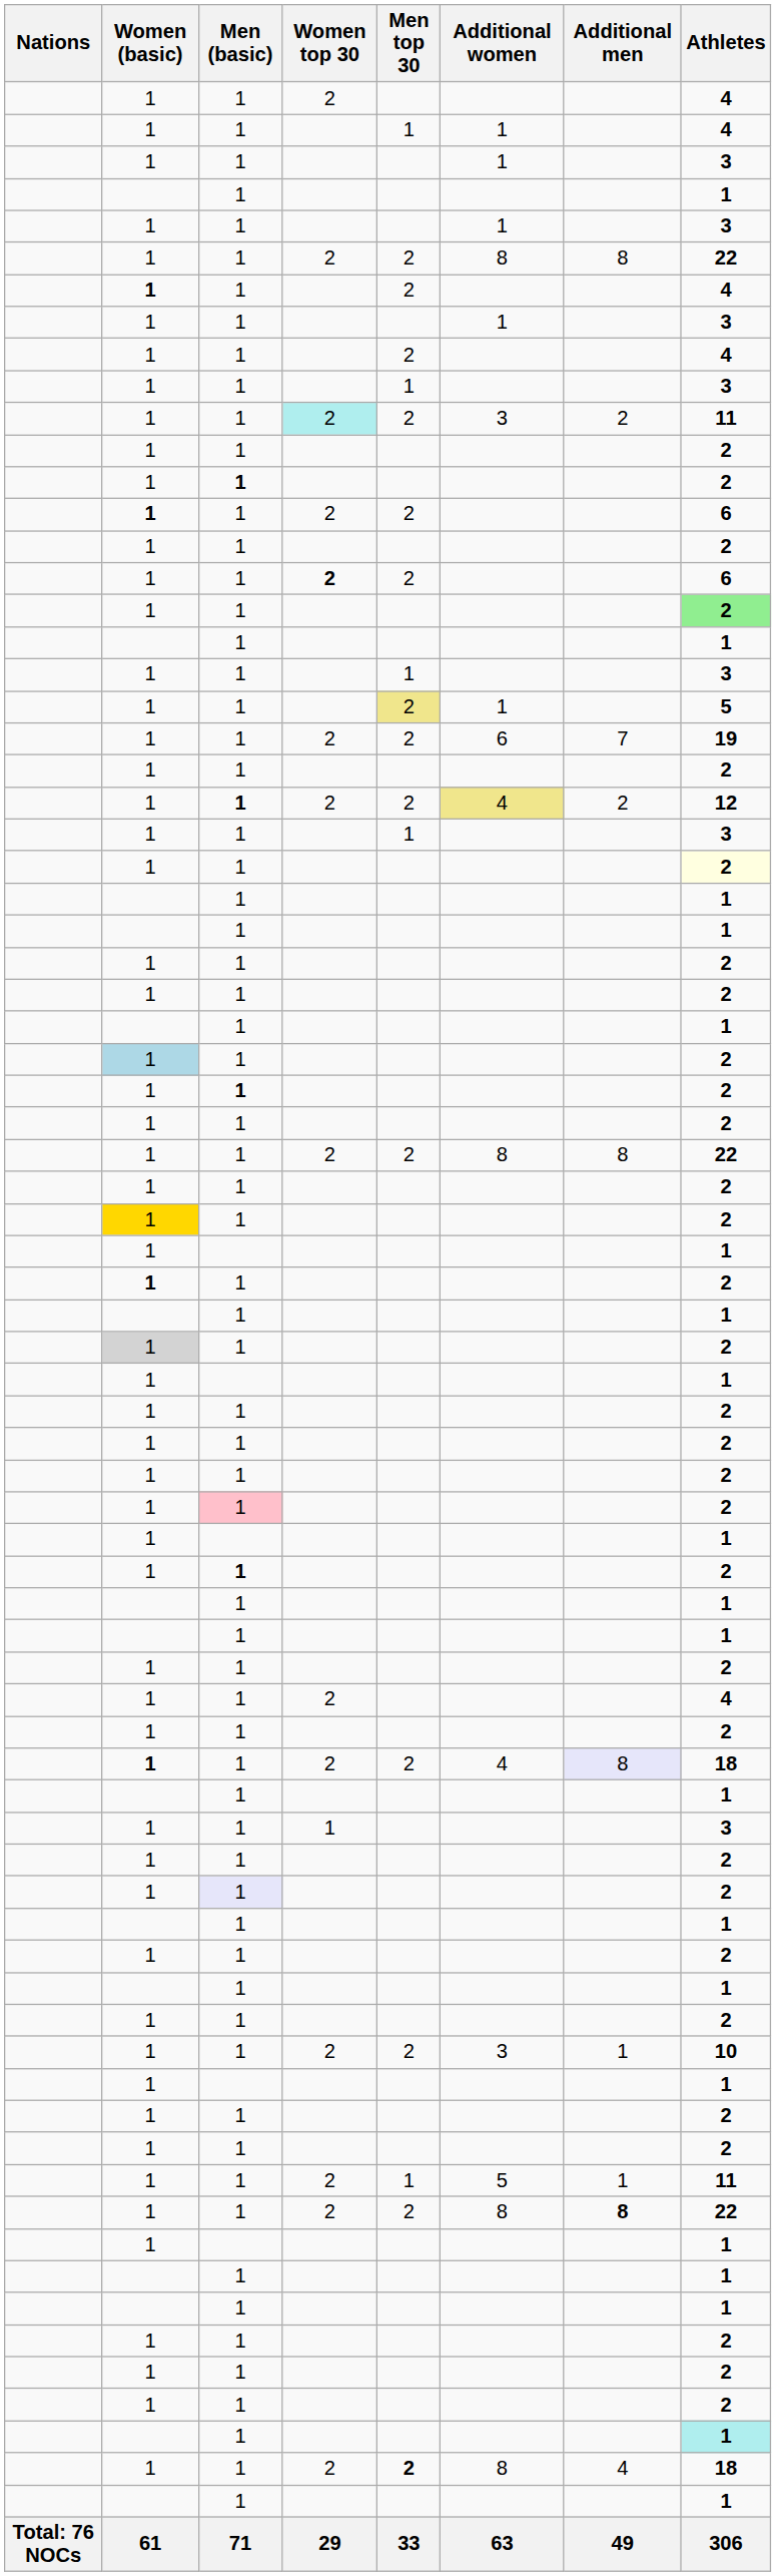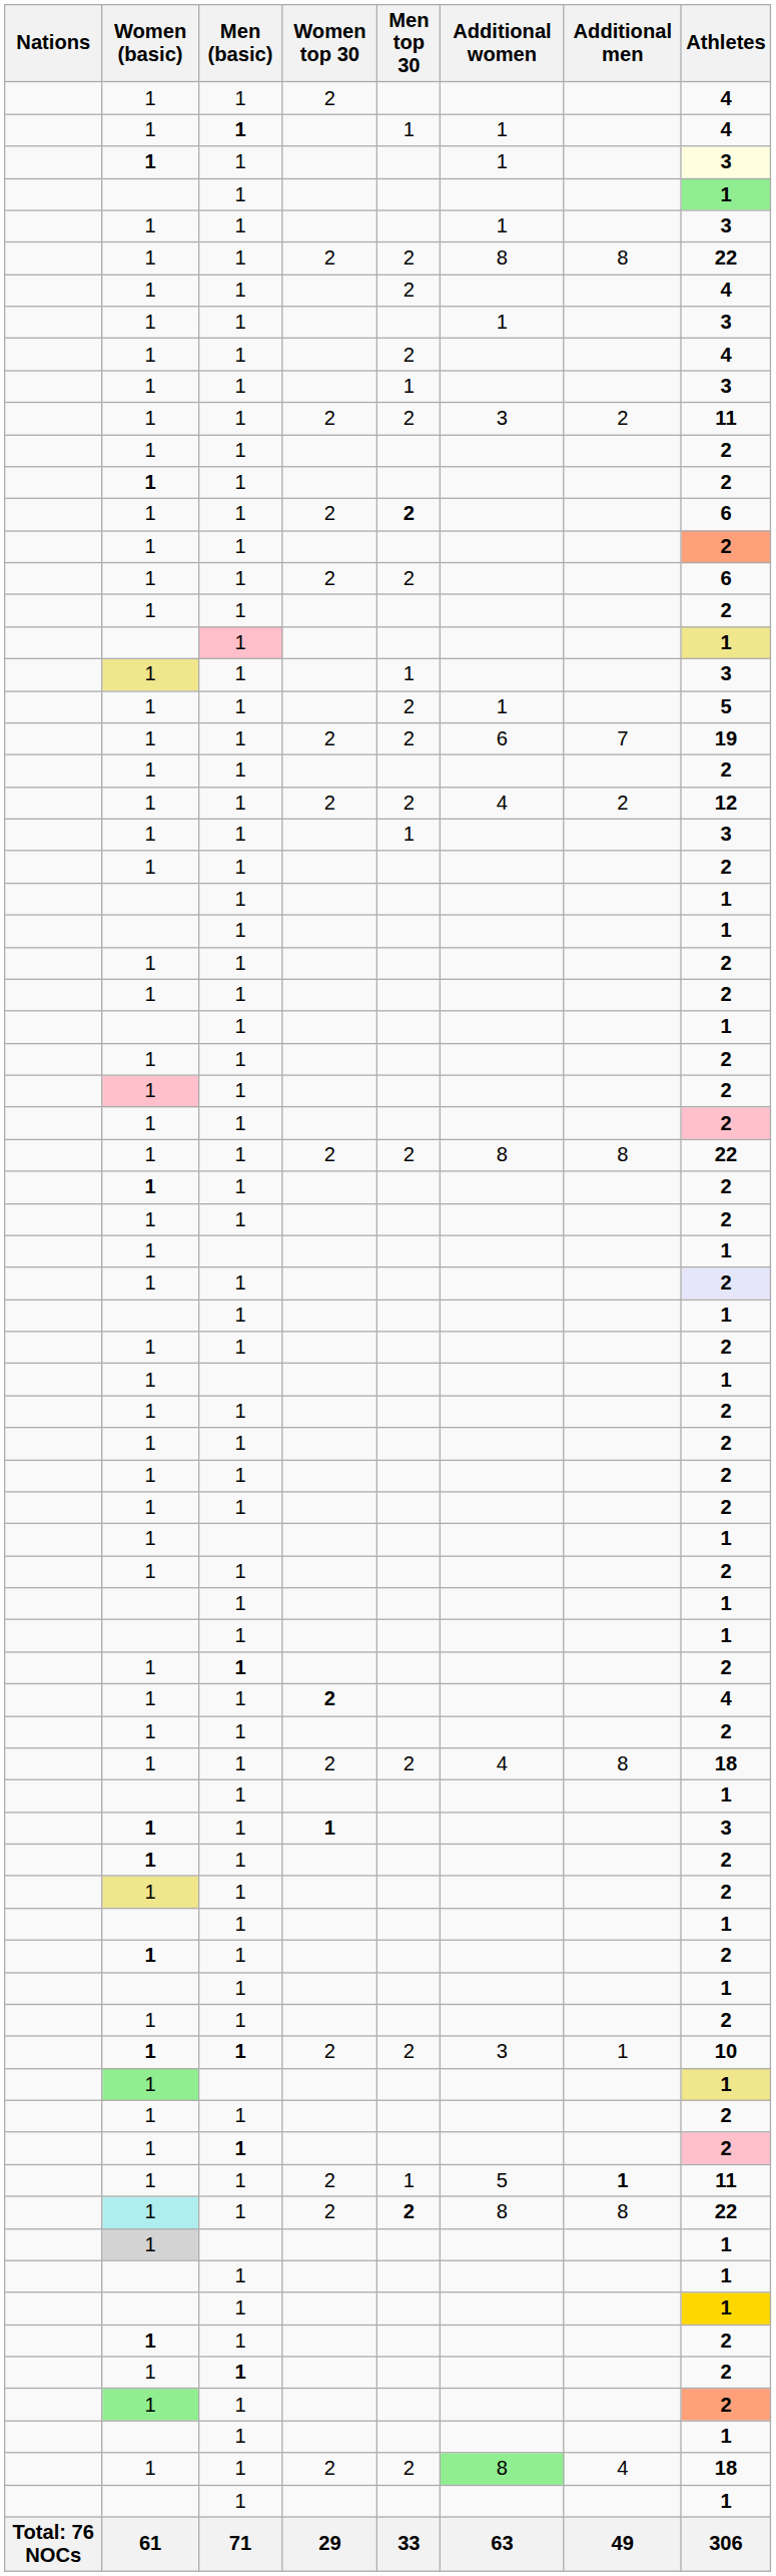 <table class="wikitable sortable" style="text-align:center;">
 <tr>
 <th>Nations</th>
 <th>Women (basic)</th>
 <th>Men (basic)</th>
 <th>Women top 30</th>
 <th>Men top 30</th>
 <th>Additional women</th>
 <th>Additional men</th>
 <th>Athletes</th>
 </tr>
 <tr>
 <td style="text-align:left"></td>
 <td>1</td>
 <td>1</td>
 <td>2</td>
 <td></td>
 <td></td>
 <td></td>
 <td><strong>4</strong></td>
 </tr>
 <tr>
 <td style="text-align:left"></td>
 <td>1</td>
-<td>1</td>
+<td><strong>1</strong></td>
 <td></td>
 <td>1</td>
 <td>1</td>
 <td></td>
 <td><strong>4</strong></td>
 </tr>
 <tr>
 <td style="text-align:left"></td>
-<td>1</td>
+<td><strong>1</strong></td>
 <td>1</td>
 <td></td>
 <td></td>
 <td>1</td>
 <td></td>
-<td><strong>3</strong></td>
+<td style="background: lightyellow;"><strong>3</strong></td>
 </tr>
 <tr>
 <td style="text-align:left"></td>
 <td></td>
 <td>1</td>
 <td></td>
 <td></td>
 <td></td>
 <td></td>
-<td><strong>1</strong></td>
+<td style="background: lightgreen;"><strong>1</strong></td>
 </tr>
 <tr>
 <td style="text-align:left"></td>
 <td>1</td>
 <td>1</td>
 <td></td>
 <td></td>
 <td>1</td>
 <td></td>
 <td><strong>3</strong></td>
 </tr>
 <tr>
 <td style="text-align:left"></td>
 <td>1</td>
 <td>1</td>
 <td>2</td>
 <td>2</td>
 <td>8</td>
 <td>8</td>
 <td><strong>22</strong></td>
 </tr>
 <tr>
 <td style="text-align:left"></td>
-<td><strong>1</strong></td>
+<td>1</td>
 <td>1</td>
 <td></td>
 <td>2</td>
 <td></td>
 <td></td>
 <td><strong>4</strong></td>
 </tr>
 <tr>
 <td style="text-align:left"></td>
 <td>1</td>
 <td>1</td>
 <td></td>
 <td></td>
 <td>1</td>
 <td></td>
 <td><strong>3</strong></td>
 </tr>
 <tr>
 <td style="text-align:left"></td>
 <td>1</td>
 <td>1</td>
 <td></td>
 <td>2</td>
 <td></td>
 <td></td>
 <td><strong>4</strong></td>
 </tr>
 <tr>
 <td style="text-align:left"></td>
 <td>1</td>
 <td>1</td>
 <td></td>
 <td>1</td>
 <td></td>
 <td></td>
 <td><strong>3</strong></td>
 </tr>
 <tr>
 <td style="text-align:left"></td>
 <td>1</td>
 <td>1</td>
-<td style="background: paleturquoise;">2</td>
+<td>2</td>
 <td>2</td>
 <td>3</td>
 <td>2</td>
 <td><strong>11</strong></td>
 </tr>
 <tr>
 <td style="text-align:left"></td>
 <td>1</td>
 <td>1</td>
 <td></td>
 <td></td>
 <td></td>
 <td></td>
 <td><strong>2</strong></td>
 </tr>
 <tr>
 <td style="text-align:left"></td>
+<td><strong>1</strong></td>
 <td>1</td>
-<td><strong>1</strong></td>
 <td></td>
 <td></td>
 <td></td>
 <td></td>
 <td><strong>2</strong></td>
 </tr>
 <tr>
 <td style="text-align:left"></td>
-<td><strong>1</strong></td>
+<td>1</td>
+<td>1</td>
+<td>2</td>
+<td><strong>2</strong></td>
+<td></td>
+<td></td>
+<td><strong>6</strong></td>
+</tr>
+<tr>
+<td style="text-align:left"></td>
+<td>1</td>
+<td>1</td>
+<td></td>
+<td></td>
+<td></td>
+<td></td>
+<td style="background: lightsalmon;"><strong>2</strong></td>
+</tr>
+<tr>
+<td style="text-align:left"></td>
+<td>1</td>
 <td>1</td>
 <td>2</td>
 <td>2</td>
 <td></td>
 <td></td>
 <td><strong>6</strong></td>
 </tr>
 <tr>
 <td style="text-align:left"></td>
 <td>1</td>
 <td>1</td>
 <td></td>
 <td></td>
 <td></td>
 <td></td>
 <td><strong>2</strong></td>
 </tr>
 <tr>
 <td style="text-align:left"></td>
-<td>1</td>
-<td>1</td>
-<td><strong>2</strong></td>
-<td>2</td>
 <td></td>
-<td></td>
-<td><strong>6</strong></td>
-</tr>
-<tr>
-<td style="text-align:left"></td>
-<td>1</td>
-<td>1</td>
+<td style="background: pink;">1</td>
 <td></td>
 <td></td>
 <td></td>
 <td></td>
-<td style="background: lightgreen;"><strong>2</strong></td>
+<td style="background: khaki;"><strong>1</strong></td>
 </tr>
 <tr>
 <td style="text-align:left"></td>
-<td></td>
-<td>1</td>
-<td></td>
-<td></td>
-<td></td>
-<td></td>
-<td><strong>1</strong></td>
-</tr>
-<tr>
-<td style="text-align:left"></td>
-<td>1</td>
+<td style="background: khaki;">1</td>
 <td>1</td>
 <td></td>
 <td>1</td>
 <td></td>
 <td></td>
 <td><strong>3</strong></td>
 </tr>
 <tr>
 <td style="text-align:left"></td>
 <td>1</td>
 <td>1</td>
 <td></td>
-<td style="background: khaki;">2</td>
+<td>2</td>
 <td>1</td>
 <td></td>
 <td><strong>5</strong></td>
 </tr>
 <tr>
 <td style="text-align:left"></td>
 <td>1</td>
 <td>1</td>
 <td>2</td>
 <td>2</td>
 <td>6</td>
 <td>7</td>
 <td><strong>19</strong></td>
 </tr>
 <tr>
 <td style="text-align:left"></td>
 <td>1</td>
 <td>1</td>
 <td></td>
 <td></td>
 <td></td>
 <td></td>
 <td><strong>2</strong></td>
 </tr>
 <tr>
 <td style="text-align:left"></td>
 <td>1</td>
-<td><strong>1</strong></td>
+<td>1</td>
 <td>2</td>
 <td>2</td>
-<td style="background: khaki;">4</td>
+<td>4</td>
 <td>2</td>
 <td><strong>12</strong></td>
 </tr>
 <tr>
 <td style="text-align:left"></td>
 <td>1</td>
 <td>1</td>
 <td></td>
 <td>1</td>
 <td></td>
 <td></td>
 <td><strong>3</strong></td>
 </tr>
 <tr>
 <td style="text-align:left"></td>
 <td>1</td>
 <td>1</td>
 <td></td>
 <td></td>
 <td></td>
 <td></td>
-<td style="background: lightyellow;"><strong>2</strong></td>
+<td><strong>2</strong></td>
 </tr>
 <tr>
 <td style="text-align:left"></td>
 <td></td>
 <td>1</td>
 <td></td>
 <td></td>
 <td></td>
 <td></td>
 <td><strong>1</strong></td>
 </tr>
 <tr>
 <td style="text-align:left"></td>
 <td></td>
 <td>1</td>
 <td></td>
 <td></td>
 <td></td>
 <td></td>
 <td><strong>1</strong></td>
 </tr>
 <tr>
 <td style="text-align:left"></td>
 <td>1</td>
 <td>1</td>
 <td></td>
 <td></td>
 <td></td>
 <td></td>
 <td><strong>2</strong></td>
 </tr>
 <tr>
 <td style="text-align:left"></td>
 <td>1</td>
 <td>1</td>
 <td></td>
 <td></td>
 <td></td>
 <td></td>
 <td><strong>2</strong></td>
 </tr>
 <tr>
 <td style="text-align:left"></td>
 <td></td>
 <td>1</td>
 <td></td>
 <td></td>
 <td></td>
 <td></td>
 <td><strong>1</strong></td>
 </tr>
 <tr>
 <td style="text-align:left"></td>
-<td style="background: lightblue;">1</td>
+<td>1</td>
+<td>1</td>
+<td></td>
+<td></td>
+<td></td>
+<td></td>
+<td><strong>2</strong></td>
+</tr>
+<tr>
+<td style="text-align:left"></td>
+<td style="background: pink;">1</td>
 <td>1</td>
 <td></td>
 <td></td>
 <td></td>
 <td></td>
 <td><strong>2</strong></td>
 </tr>
 <tr>
 <td style="text-align:left"></td>
 <td>1</td>
+<td>1</td>
+<td></td>
+<td></td>
+<td></td>
+<td></td>
+<td style="background: pink;"><strong>2</strong></td>
+</tr>
+<tr>
+<td style="text-align:left"></td>
+<td>1</td>
+<td>1</td>
+<td>2</td>
+<td>2</td>
+<td>8</td>
+<td>8</td>
+<td><strong>22</strong></td>
+</tr>
+<tr>
+<td style="text-align:left"></td>
 <td><strong>1</strong></td>
+<td>1</td>
 <td></td>
 <td></td>
 <td></td>
 <td></td>
 <td><strong>2</strong></td>
 </tr>
 <tr>
 <td style="text-align:left"></td>
 <td>1</td>
 <td>1</td>
 <td></td>
 <td></td>
 <td></td>
 <td></td>
 <td><strong>2</strong></td>
 </tr>
 <tr>
 <td style="text-align:left"></td>
 <td>1</td>
-<td>1</td>
-<td>2</td>
-<td>2</td>
-<td>8</td>
-<td>8</td>
-<td><strong>22</strong></td>
+<td></td>
+<td></td>
+<td></td>
+<td></td>
+<td></td>
+<td><strong>1</strong></td>
 </tr>
 <tr>
 <td style="text-align:left"></td>
 <td>1</td>
 <td>1</td>
 <td></td>
 <td></td>
 <td></td>
 <td></td>
-<td><strong>2</strong></td>
-</tr>
-<tr>
-<td style="text-align:left"></td>
-<td style="background: gold;">1</td>
-<td>1</td>
-<td></td>
-<td></td>
-<td></td>
-<td></td>
-<td><strong>2</strong></td>
-</tr>
-<tr>
-<td style="text-align:left"></td>
-<td>1</td>
-<td></td>
-<td></td>
-<td></td>
-<td></td>
-<td></td>
-<td><strong>1</strong></td>
-</tr>
-<tr>
-<td style="text-align:left"></td>
-<td><strong>1</strong></td>
-<td>1</td>
-<td></td>
-<td></td>
-<td></td>
-<td></td>
-<td><strong>2</strong></td>
+<td style="background: lavender;"><strong>2</strong></td>
 </tr>
 <tr>
 <td style="text-align:left"></td>
 <td></td>
 <td>1</td>
 <td></td>
 <td></td>
 <td></td>
 <td></td>
 <td><strong>1</strong></td>
 </tr>
 <tr>
 <td style="text-align:left"></td>
-<td style="background: lightgrey;">1</td>
+<td>1</td>
 <td>1</td>
 <td></td>
 <td></td>
 <td></td>
 <td></td>
 <td><strong>2</strong></td>
 </tr>
 <tr>
 <td style="text-align:left"></td>
 <td>1</td>
 <td></td>
 <td></td>
 <td></td>
 <td></td>
 <td></td>
 <td><strong>1</strong></td>
 </tr>
 <tr>
 <td style="text-align:left"></td>
 <td>1</td>
 <td>1</td>
 <td></td>
 <td></td>
 <td></td>
 <td></td>
 <td><strong>2</strong></td>
 </tr>
 <tr>
 <td style="text-align:left"></td>
 <td>1</td>
 <td>1</td>
 <td></td>
 <td></td>
 <td></td>
 <td></td>
 <td><strong>2</strong></td>
 </tr>
 <tr>
 <td style="text-align:left"></td>
 <td>1</td>
 <td>1</td>
 <td></td>
 <td></td>
 <td></td>
 <td></td>
 <td><strong>2</strong></td>
 </tr>
 <tr>
 <td style="text-align:left"></td>
 <td>1</td>
-<td style="background: pink;">1</td>
+<td>1</td>
 <td></td>
 <td></td>
 <td></td>
 <td></td>
 <td><strong>2</strong></td>
 </tr>
 <tr>
 <td style="text-align:left"></td>
 <td>1</td>
 <td></td>
 <td></td>
 <td></td>
 <td></td>
 <td></td>
 <td><strong>1</strong></td>
 </tr>
 <tr>
 <td style="text-align:left"></td>
 <td>1</td>
-<td><strong>1</strong></td>
+<td>1</td>
 <td></td>
 <td></td>
 <td></td>
 <td></td>
 <td><strong>2</strong></td>
 </tr>
 <tr>
 <td style="text-align:left"></td>
 <td></td>
 <td>1</td>
 <td></td>
 <td></td>
 <td></td>
 <td></td>
 <td><strong>1</strong></td>
 </tr>
 <tr>
 <td style="text-align:left"></td>
 <td></td>
 <td>1</td>
 <td></td>
 <td></td>
 <td></td>
 <td></td>
 <td><strong>1</strong></td>
 </tr>
 <tr>
 <td style="text-align:left"></td>
 <td>1</td>
-<td>1</td>
+<td><strong>1</strong></td>
 <td></td>
 <td></td>
 <td></td>
 <td></td>
 <td><strong>2</strong></td>
 </tr>
 <tr>
 <td style="text-align:left"></td>
 <td>1</td>
 <td>1</td>
-<td>2</td>
+<td><strong>2</strong></td>
 <td></td>
 <td></td>
 <td></td>
 <td><strong>4</strong></td>
 </tr>
 <tr>
 <td style="text-align:left"></td>
 <td>1</td>
 <td>1</td>
 <td></td>
 <td></td>
 <td></td>
 <td></td>
 <td><strong>2</strong></td>
 </tr>
 <tr>
 <td style="text-align:left"></td>
-<td><strong>1</strong></td>
+<td>1</td>
 <td>1</td>
 <td>2</td>
 <td>2</td>
 <td>4</td>
-<td style="background: lavender;">8</td>
+<td>8</td>
 <td><strong>18</strong></td>
 </tr>
 <tr>
 <td style="text-align:left"></td>
 <td></td>
 <td>1</td>
 <td></td>
 <td></td>
 <td></td>
 <td></td>
 <td><strong>1</strong></td>
 </tr>
 <tr>
 <td style="text-align:left"></td>
+<td><strong>1</strong></td>
 <td>1</td>
-<td>1</td>
-<td>1</td>
+<td><strong>1</strong></td>
 <td></td>
 <td></td>
 <td></td>
 <td><strong>3</strong></td>
 </tr>
 <tr>
 <td style="text-align:left"></td>
-<td>1</td>
+<td><strong>1</strong></td>
 <td>1</td>
 <td></td>
 <td></td>
 <td></td>
 <td></td>
 <td><strong>2</strong></td>
 </tr>
 <tr>
 <td style="text-align:left"></td>
+<td style="background: khaki;">1</td>
 <td>1</td>
-<td style="background: lavender;">1</td>
 <td></td>
 <td></td>
 <td></td>
 <td></td>
 <td><strong>2</strong></td>
 </tr>
 <tr>
 <td style="text-align:left"></td>
 <td></td>
 <td>1</td>
 <td></td>
 <td></td>
 <td></td>
 <td></td>
 <td><strong>1</strong></td>
 </tr>
 <tr>
 <td style="text-align:left"></td>
-<td>1</td>
+<td><strong>1</strong></td>
 <td>1</td>
 <td></td>
 <td></td>
 <td></td>
 <td></td>
 <td><strong>2</strong></td>
 </tr>
 <tr>
 <td style="text-align:left"></td>
 <td></td>
 <td>1</td>
 <td></td>
 <td></td>
 <td></td>
 <td></td>
 <td><strong>1</strong></td>
 </tr>
 <tr>
 <td style="text-align:left"></td>
 <td>1</td>
 <td>1</td>
 <td></td>
 <td></td>
 <td></td>
 <td></td>
 <td><strong>2</strong></td>
 </tr>
 <tr>
 <td style="text-align:left"></td>
-<td>1</td>
-<td>1</td>
+<td><strong>1</strong></td>
+<td><strong>1</strong></td>
 <td>2</td>
 <td>2</td>
 <td>3</td>
 <td>1</td>
 <td><strong>10</strong></td>
 </tr>
 <tr>
 <td style="text-align:left"></td>
-<td>1</td>
+<td style="background: lightgreen;">1</td>
 <td></td>
 <td></td>
 <td></td>
 <td></td>
 <td></td>
-<td><strong>1</strong></td>
+<td style="background: khaki;"><strong>1</strong></td>
 </tr>
 <tr>
 <td style="text-align:left"></td>
 <td>1</td>
 <td>1</td>
 <td></td>
 <td></td>
 <td></td>
 <td></td>
 <td><strong>2</strong></td>
 </tr>
 <tr>
 <td style="text-align:left"></td>
 <td>1</td>
-<td>1</td>
+<td><strong>1</strong></td>
 <td></td>
 <td></td>
 <td></td>
 <td></td>
-<td><strong>2</strong></td>
+<td style="background: pink;"><strong>2</strong></td>
 </tr>
 <tr>
 <td style="text-align:left"></td>
 <td>1</td>
 <td>1</td>
 <td>2</td>
 <td>1</td>
 <td>5</td>
-<td>1</td>
+<td><strong>1</strong></td>
 <td><strong>11</strong></td>
 </tr>
 <tr>
 <td style="text-align:left"></td>
-<td>1</td>
+<td style="background: paleturquoise;">1</td>
 <td>1</td>
 <td>2</td>
-<td>2</td>
+<td><strong>2</strong></td>
 <td>8</td>
-<td><strong>8</strong></td>
+<td>8</td>
 <td><strong>22</strong></td>
 </tr>
 <tr>
 <td style="text-align:left"></td>
-<td>1</td>
+<td style="background: lightgrey;">1</td>
 <td></td>
 <td></td>
 <td></td>
 <td></td>
 <td></td>
 <td><strong>1</strong></td>
 </tr>
 <tr>
 <td style="text-align:left"></td>
 <td></td>
 <td>1</td>
 <td></td>
 <td></td>
 <td></td>
 <td></td>
 <td><strong>1</strong></td>
 </tr>
 <tr>
 <td style="text-align:left"></td>
 <td></td>
 <td>1</td>
 <td></td>
 <td></td>
 <td></td>
 <td></td>
-<td><strong>1</strong></td>
+<td style="background: gold;"><strong>1</strong></td>
 </tr>
 <tr>
 <td style="text-align:left"></td>
-<td>1</td>
+<td><strong>1</strong></td>
 <td>1</td>
 <td></td>
 <td></td>
 <td></td>
 <td></td>
 <td><strong>2</strong></td>
 </tr>
 <tr>
 <td style="text-align:left"></td>
 <td>1</td>
-<td>1</td>
+<td><strong>1</strong></td>
 <td></td>
 <td></td>
 <td></td>
 <td></td>
 <td><strong>2</strong></td>
 </tr>
 <tr>
 <td style="text-align:left"></td>
-<td>1</td>
+<td style="background: lightgreen;">1</td>
 <td>1</td>
 <td></td>
 <td></td>
 <td></td>
 <td></td>
-<td><strong>2</strong></td>
+<td style="background: lightsalmon;"><strong>2</strong></td>
 </tr>
 <tr>
 <td style="text-align:left"></td>
 <td></td>
 <td>1</td>
 <td></td>
 <td></td>
 <td></td>
 <td></td>
-<td style="background: paleturquoise;"><strong>1</strong></td>
+<td><strong>1</strong></td>
 </tr>
 <tr>
 <td style="text-align:left"></td>
 <td>1</td>
 <td>1</td>
 <td>2</td>
-<td><strong>2</strong></td>
-<td>8</td>
+<td>2</td>
+<td style="background: lightgreen;">8</td>
 <td>4</td>
 <td><strong>18</strong></td>
 </tr>
 <tr>
 <td style="text-align:left"></td>
 <td></td>
 <td>1</td>
 <td></td>
 <td></td>
 <td></td>
 <td></td>
 <td><strong>1</strong></td>
 </tr>
 <tr>
 <th>Total: 76 NOCs</th>
 <th>61</th>
 <th>71</th>
 <th>29</th>
 <th>33</th>
 <th>63</th>
 <th>49</th>
 <th>306</th>
 </tr>
 </table>
